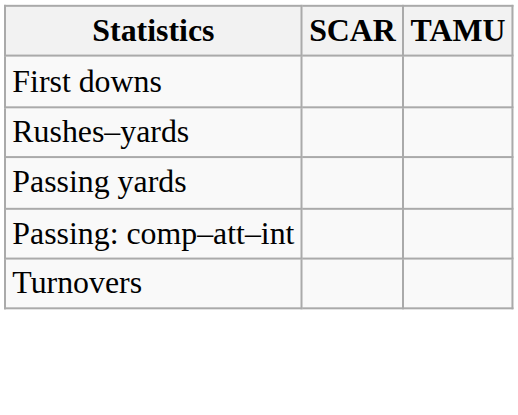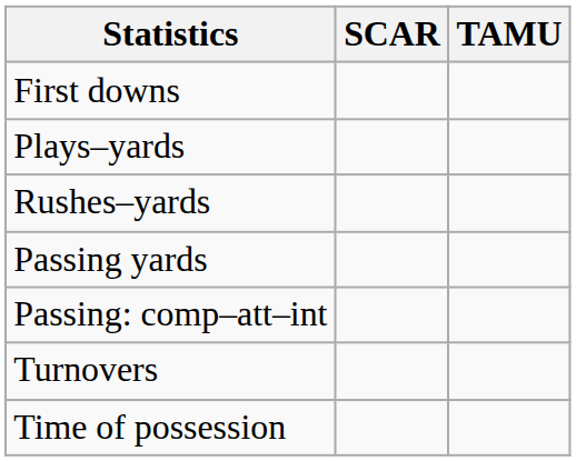 <table class="wikitable" style="float:left">
 <tr>
 <th>Statistics</th>
 <th>SCAR</th>
 <th>TAMU</th>
 </tr>
 <tr>
 <td>First downs</td>
+<td></td>
+<td></td>
+</tr>
+<tr>
+<td>Plays–yards</td>
 <td></td>
 <td></td>
 </tr>
 <tr>
 <td>Rushes–yards</td>
 <td></td>
 <td></td>
 </tr>
 <tr>
 <td>Passing yards</td>
 <td></td>
 <td></td>
 </tr>
 <tr>
 <td>Passing: comp–att–int</td>
 <td></td>
 <td></td>
 </tr>
 <tr>
 <td>Turnovers</td>
 <td></td>
 <td></td>
 </tr>
+<tr>
+<td>Time of possession</td>
+<td></td>
+<td></td>
+</tr>
 </table>
